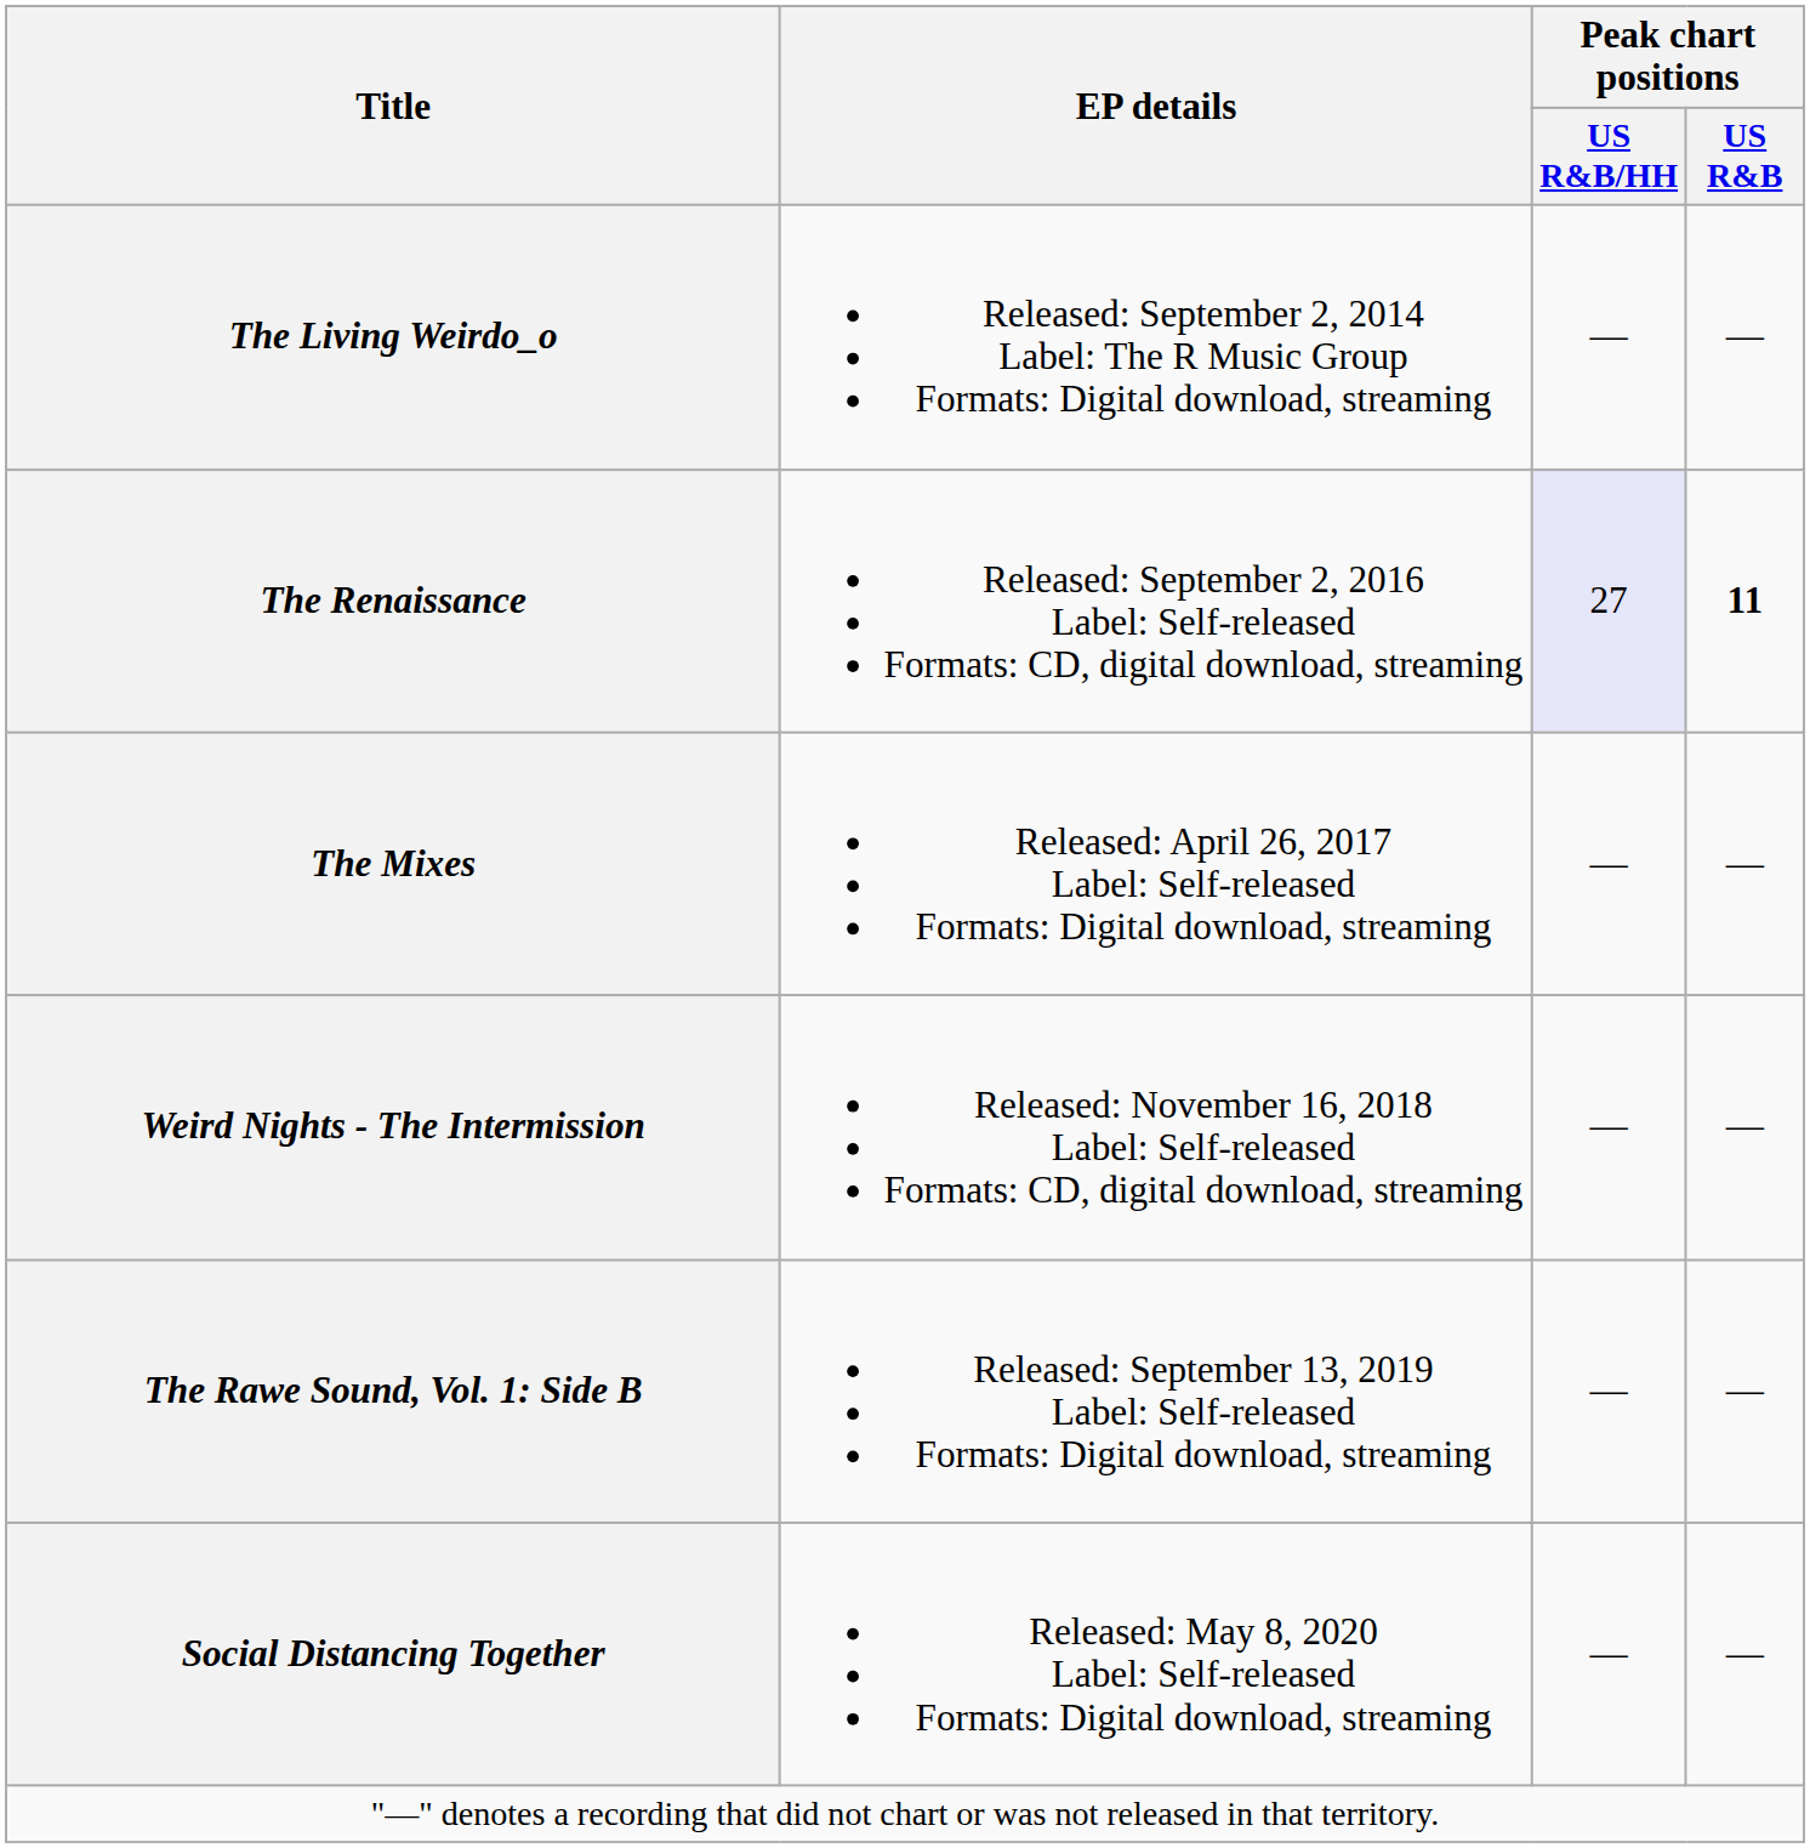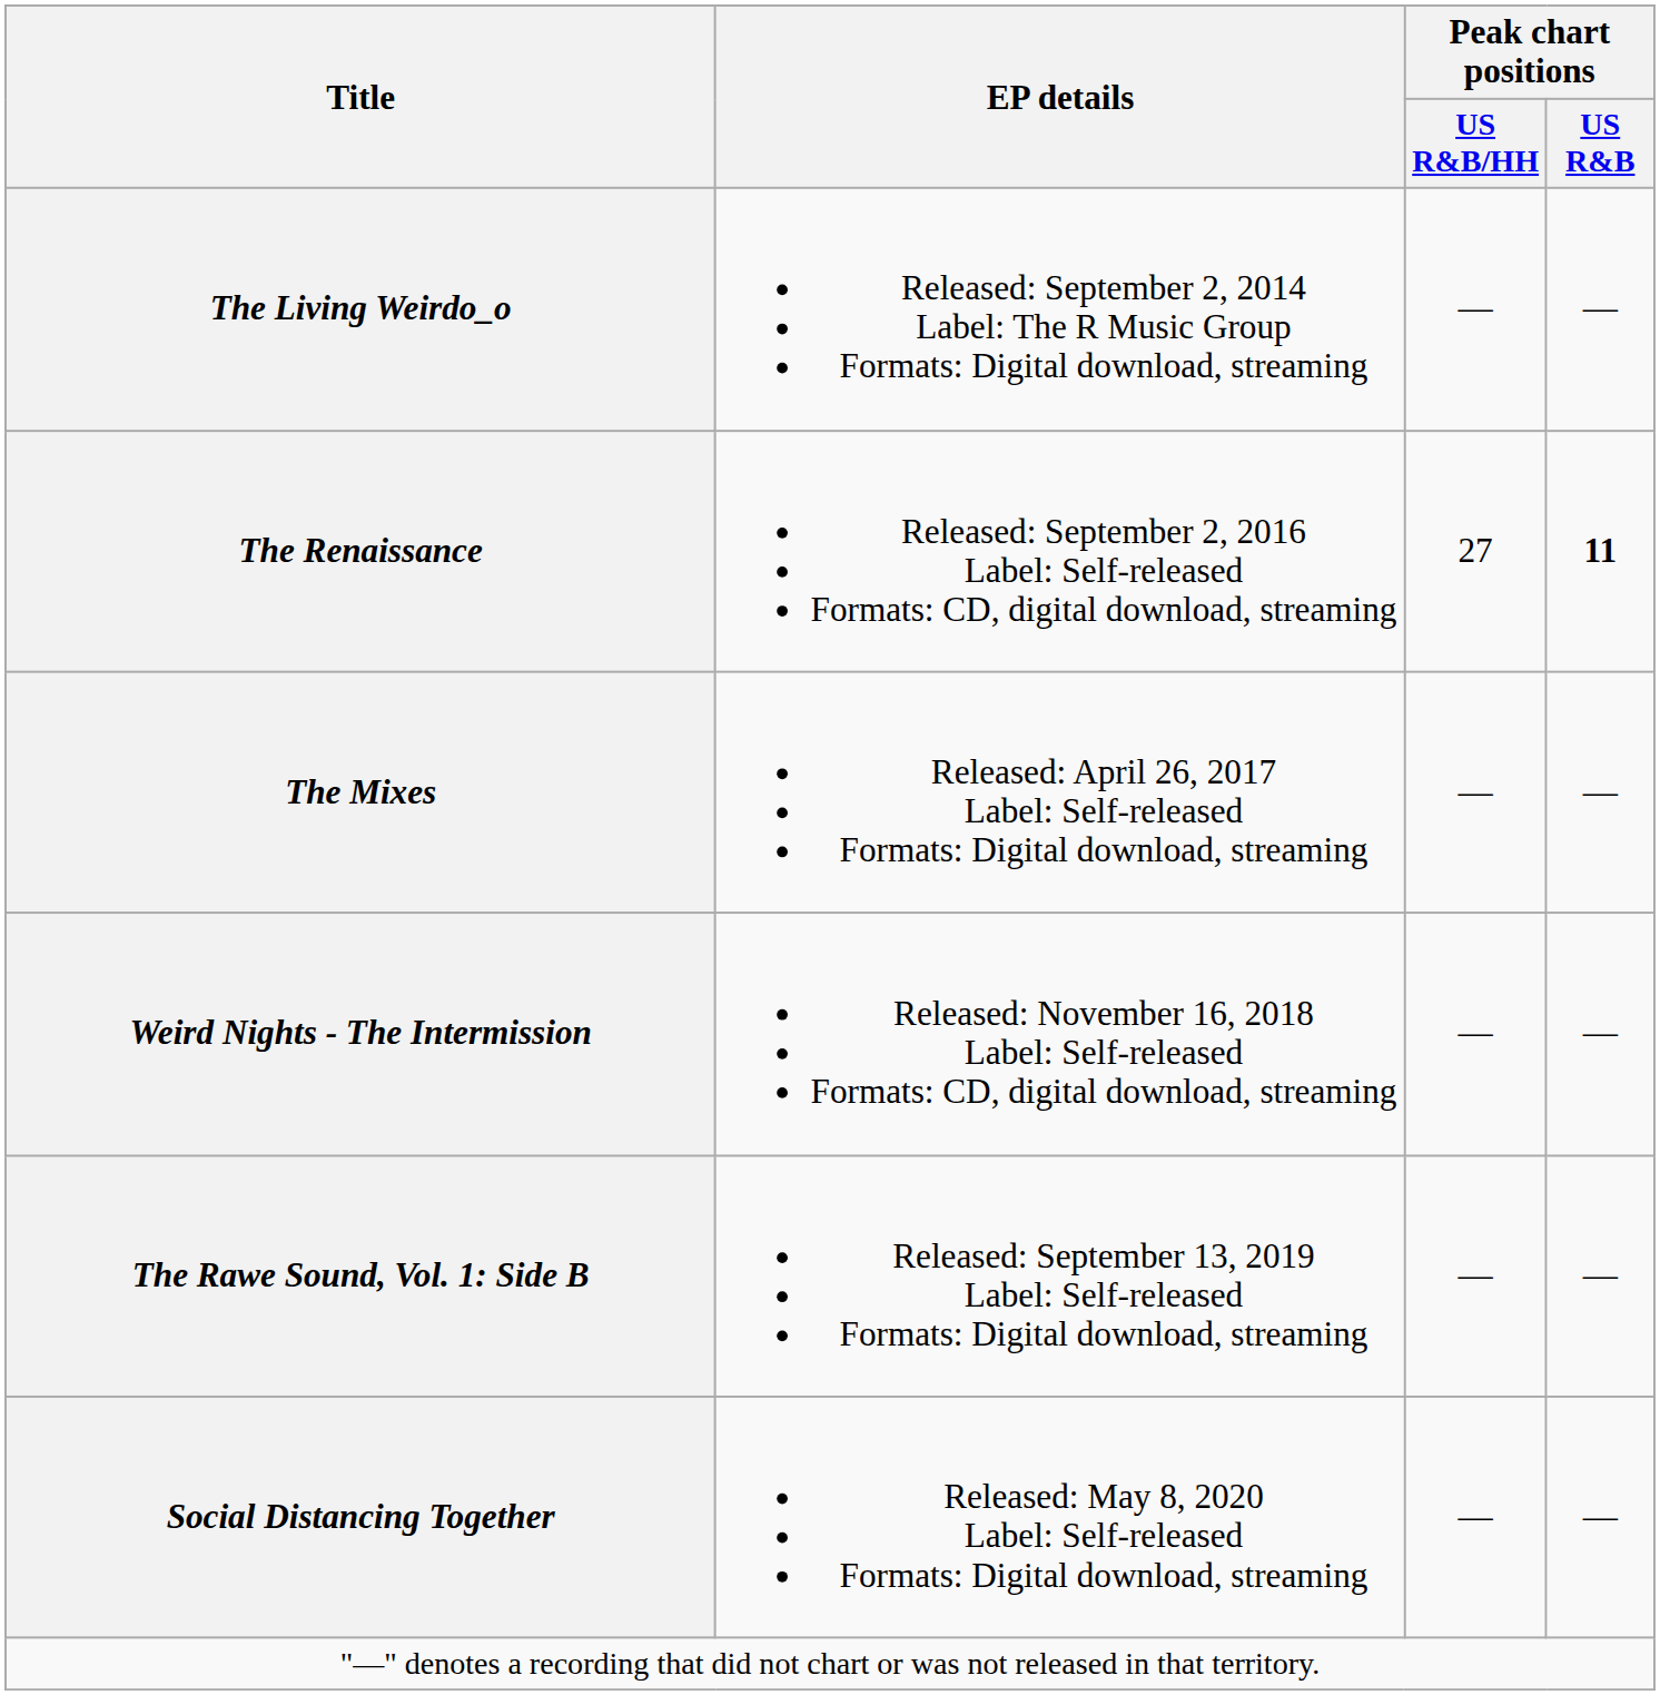 <table class="wikitable plainrowheaders" style="text-align:center;">
 <tr>
 <th scope="col" rowspan="2" style="width:20em;">Title</th>
 <th scope="col" rowspan="2">EP details</th>
 <th scope="col" colspan="2">Peak chart positions</th>
 </tr>
 <tr>
 <th scope="col" style="width:3em;font-size:90%;"><a href='#'>US R&B/HH</a><br></th>
 <th scope="col" style="width:3em;font-size:90%;"><a href='#'>US R&B</a><br></th>
 </tr>
 <tr>
 <th scope="row"><em>The Living Weirdo_o</em></th>
 <td><br><ul><li>Released: September 2, 2014</li><li>Label: The R Music Group</li><li>Formats: Digital download, streaming</li></ul></td>
 <td>—</td>
 <td>—</td>
 </tr>
 <tr>
 <th scope="row"><em>The Renaissance</em></th>
 <td><br><ul><li>Released: September 2, 2016</li><li>Label: Self-released</li><li>Formats: CD, digital download, streaming</li></ul></td>
-<td style="background: lavender;">27</td>
+<td>27</td>
 <td><strong>11</strong></td>
 </tr>
 <tr>
 <th scope="row"><em>The Mixes</em></th>
 <td><br><ul><li>Released: April 26, 2017</li><li>Label: Self-released</li><li>Formats: Digital download, streaming</li></ul></td>
 <td>—</td>
 <td>—</td>
 </tr>
 <tr>
 <th scope="row"><em>Weird Nights - The Intermission</em></th>
 <td><br><ul><li>Released: November 16, 2018</li><li>Label: Self-released</li><li>Formats: CD, digital download, streaming</li></ul></td>
 <td>—</td>
 <td>—</td>
 </tr>
 <tr>
 <th scope="row"><em>The Rawe Sound, Vol. 1: Side B</em></th>
 <td><br><ul><li>Released: September 13, 2019</li><li>Label: Self-released</li><li>Formats: Digital download, streaming</li></ul></td>
 <td>—</td>
 <td>—</td>
 </tr>
 <tr>
 <th scope="row"><em>Social Distancing Together</em></th>
 <td><br><ul><li>Released: May 8, 2020</li><li>Label: Self-released</li><li>Formats: Digital download, streaming</li></ul></td>
 <td>—</td>
 <td>—</td>
 </tr>
 <tr>
 <td colspan="10" style="font-size:90%">"—" denotes a recording that did not chart or was not released in that territory.</td>
 </tr>
 </table>
